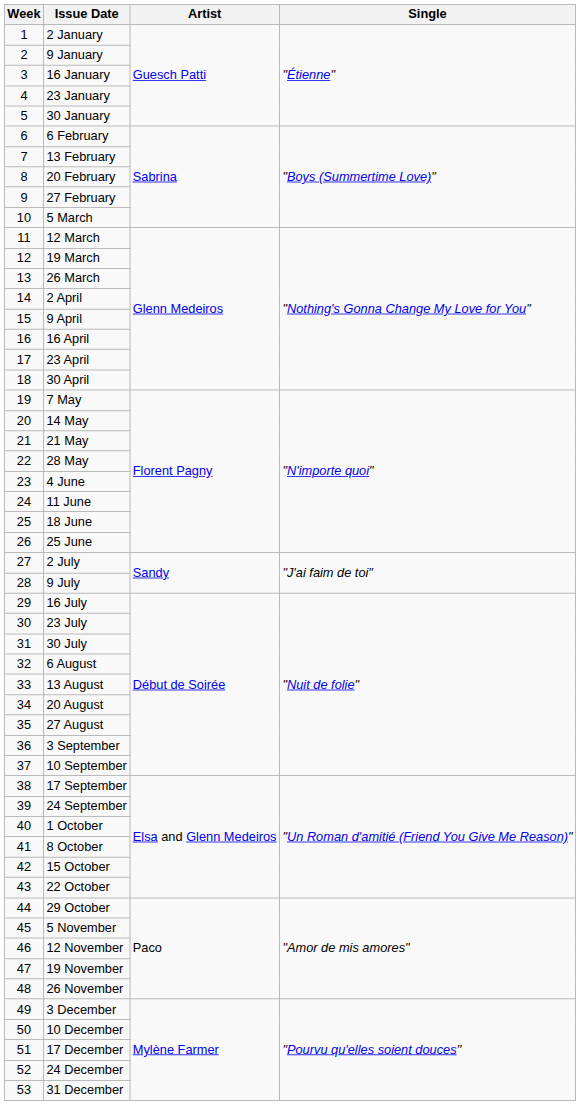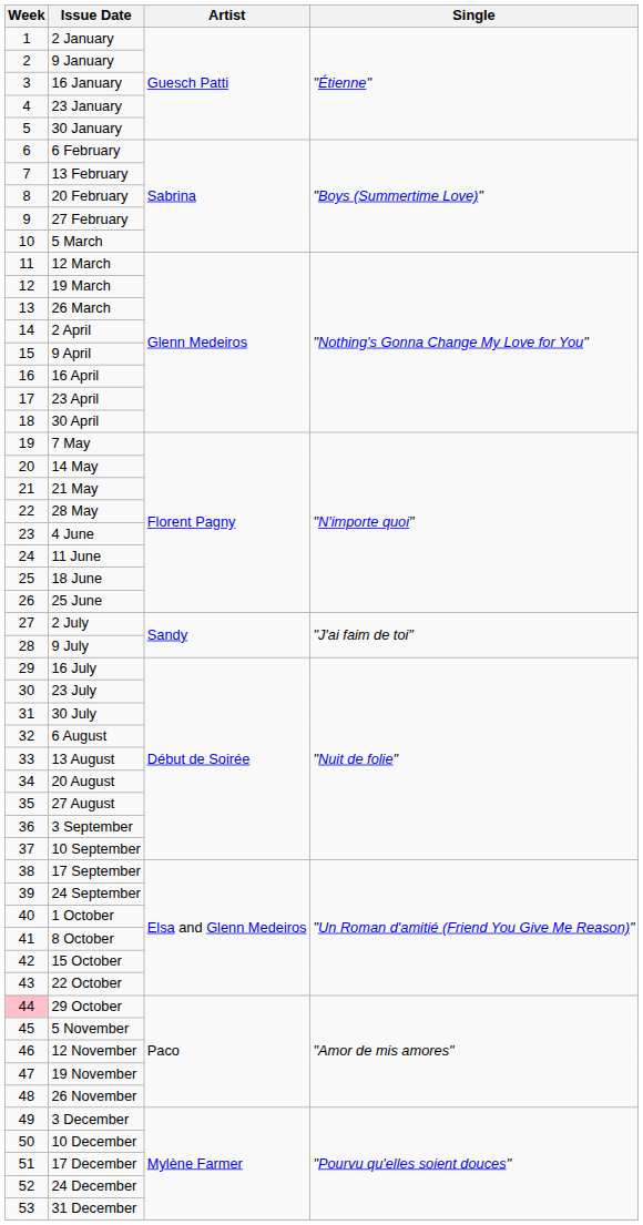 <table class="wikitable">
 <tr>
 <th rowspan>Week</th>
 <th rowspan>Issue Date</th>
 <th rowspan>Artist</th>
 <th rowspan>Single</th>
 </tr>
 <tr>
 <td style="text-align: center;">1</td>
 <td>2 January</td>
 <td rowspan="5"><a href='#'>Guesch Patti</a></td>
 <td rowspan="5"><em>"<a href='#'>Étienne</a>"</em></td>
 </tr>
 <tr>
 <td style="text-align: center;">2</td>
 <td>9 January</td>
 </tr>
 <tr>
 <td style="text-align: center;">3</td>
 <td>16 January</td>
 </tr>
 <tr>
 <td style="text-align: center;">4</td>
 <td>23 January</td>
 </tr>
 <tr>
 <td style="text-align: center;">5</td>
 <td>30 January</td>
 </tr>
 <tr>
 <td style="text-align: center;">6</td>
 <td>6 February</td>
 <td rowspan="5"><a href='#'>Sabrina</a></td>
 <td rowspan="5"><em>"<a href='#'>Boys (Summertime Love)</a>"</em></td>
 </tr>
 <tr>
 <td style="text-align: center;">7</td>
 <td>13 February</td>
 </tr>
 <tr>
 <td style="text-align: center;">8</td>
 <td>20 February</td>
 </tr>
 <tr>
 <td style="text-align: center;">9</td>
 <td>27 February</td>
 </tr>
 <tr>
 <td style="text-align: center;">10</td>
 <td>5 March</td>
 </tr>
 <tr>
 <td style="text-align: center;">11</td>
 <td>12 March</td>
 <td rowspan="8"><a href='#'>Glenn Medeiros</a></td>
 <td rowspan="8"><em>"<a href='#'>Nothing's Gonna Change My Love for You</a>"</em></td>
 </tr>
 <tr>
 <td style="text-align: center;">12</td>
 <td>19 March</td>
 </tr>
 <tr>
 <td style="text-align: center;">13</td>
 <td>26 March</td>
 </tr>
 <tr>
 <td style="text-align: center;">14</td>
 <td>2 April</td>
 </tr>
 <tr>
 <td style="text-align: center;">15</td>
 <td>9 April</td>
 </tr>
 <tr>
 <td style="text-align: center;">16</td>
 <td>16 April</td>
 </tr>
 <tr>
 <td style="text-align: center;">17</td>
 <td>23 April</td>
 </tr>
 <tr>
 <td style="text-align: center;">18</td>
 <td>30 April</td>
 </tr>
 <tr>
 <td style="text-align: center;">19</td>
 <td>7 May</td>
 <td rowspan="8"><a href='#'>Florent Pagny</a></td>
 <td rowspan="8"><em>"<a href='#'>N'importe quoi</a>"</em></td>
 </tr>
 <tr>
 <td style="text-align: center;">20</td>
 <td>14 May</td>
 </tr>
 <tr>
 <td style="text-align: center;">21</td>
 <td>21 May</td>
 </tr>
 <tr>
 <td style="text-align: center;">22</td>
 <td>28 May</td>
 </tr>
 <tr>
 <td style="text-align: center;">23</td>
 <td>4 June</td>
 </tr>
 <tr>
 <td style="text-align: center;">24</td>
 <td>11 June</td>
 </tr>
 <tr>
 <td style="text-align: center;">25</td>
 <td>18 June</td>
 </tr>
 <tr>
 <td style="text-align: center;">26</td>
 <td>25 June</td>
 </tr>
 <tr>
 <td style="text-align: center;">27</td>
 <td>2 July</td>
 <td rowspan="2"><a href='#'>Sandy</a></td>
 <td rowspan="2"><em>"J'ai faim de toi"</em></td>
 </tr>
 <tr>
 <td style="text-align: center;">28</td>
 <td>9 July</td>
 </tr>
 <tr>
 <td style="text-align: center;">29</td>
 <td>16 July</td>
 <td rowspan="9"><a href='#'>Début de Soirée</a></td>
 <td rowspan="9"><em>"<a href='#'>Nuit de folie</a>"</em></td>
 </tr>
 <tr>
 <td style="text-align: center;">30</td>
 <td>23 July</td>
 </tr>
 <tr>
 <td style="text-align: center;">31</td>
 <td>30 July</td>
 </tr>
 <tr>
 <td style="text-align: center;">32</td>
 <td>6 August</td>
 </tr>
 <tr>
 <td style="text-align: center;">33</td>
 <td>13 August</td>
 </tr>
 <tr>
 <td style="text-align: center;">34</td>
 <td>20 August</td>
 </tr>
 <tr>
 <td style="text-align: center;">35</td>
 <td>27 August</td>
 </tr>
 <tr>
 <td style="text-align: center;">36</td>
 <td>3 September</td>
 </tr>
 <tr>
 <td style="text-align: center;">37</td>
 <td>10 September</td>
 </tr>
 <tr>
 <td style="text-align: center;">38</td>
 <td>17 September</td>
 <td rowspan="6"><a href='#'>Elsa</a> and <a href='#'>Glenn Medeiros</a></td>
 <td rowspan="6"><em>"<a href='#'>Un Roman d'amitié (Friend You Give Me Reason)</a>"</em></td>
 </tr>
 <tr>
 <td style="text-align: center;">39</td>
 <td>24 September</td>
 </tr>
 <tr>
 <td style="text-align: center;">40</td>
 <td>1 October</td>
 </tr>
 <tr>
 <td style="text-align: center;">41</td>
 <td>8 October</td>
 </tr>
 <tr>
 <td style="text-align: center;">42</td>
 <td>15 October</td>
 </tr>
 <tr>
 <td style="text-align: center;">43</td>
 <td>22 October</td>
 </tr>
 <tr>
-<td style="text-align: center;">44</td>
+<td style="background: pink; text-align: center;">44</td>
 <td>29 October</td>
 <td rowspan="5">Paco</td>
 <td rowspan="5"><em>"Amor de mis amores"</em></td>
 </tr>
 <tr>
 <td style="text-align: center;">45</td>
 <td>5 November</td>
 </tr>
 <tr>
 <td style="text-align: center;">46</td>
 <td>12 November</td>
 </tr>
 <tr>
 <td style="text-align: center;">47</td>
 <td>19 November</td>
 </tr>
 <tr>
 <td style="text-align: center;">48</td>
 <td>26 November</td>
 </tr>
 <tr>
 <td style="text-align: center;">49</td>
 <td>3 December</td>
 <td rowspan="5"><a href='#'>Mylène Farmer</a></td>
 <td rowspan="5"><em>"<a href='#'>Pourvu qu'elles soient douces</a>"</em></td>
 </tr>
 <tr>
 <td style="text-align: center;">50</td>
 <td>10 December</td>
 </tr>
 <tr>
 <td style="text-align: center;">51</td>
 <td>17 December</td>
 </tr>
 <tr>
 <td style="text-align: center;">52</td>
 <td>24 December</td>
 </tr>
 <tr>
 <td style="text-align: center;">53</td>
 <td>31 December</td>
 </tr>
 </table>
